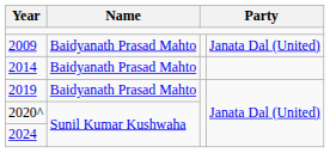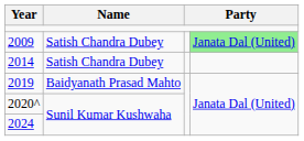 <table class="wikitable">
 <tr>
 <th>Year</th>
 <th>Name</th>
 <th colspan="2">Party</th>
 </tr>
 <tr>
 <td colspan="4"></td>
 </tr>
 <tr>
 <td><a href='#'>2009</a></td>
-<td><a href='#'>Baidyanath Prasad Mahto</a></td>
+<td><a href='#'>Satish Chandra Dubey</a></td>
 <td style="background-color :"></td>
-<td><a href='#'>Janata Dal (United)</a></td>
+<td style="background: lightgreen;"><a href='#'>Janata Dal (United)</a></td>
 </tr>
 <tr>
 <td><a href='#'>2014</a></td>
-<td><a href='#'>Baidyanath Prasad Mahto</a></td>
+<td><a href='#'>Satish Chandra Dubey</a></td>
 <td></td>
 </tr>
 <tr>
 <td><a href='#'>2019</a></td>
 <td><a href='#'>Baidyanath Prasad Mahto</a></td>
 <td rowspan="3" style="background-color :"></td>
 <td rowspan="3"><a href='#'>Janata Dal (United)</a></td>
 </tr>
 <tr>
 <td>2020^</td>
 <td rowspan="2"><a href='#'>Sunil Kumar Kushwaha</a></td>
 </tr>
 <tr>
 <td><a href='#'>2024</a></td>
 </tr>
 </table>
